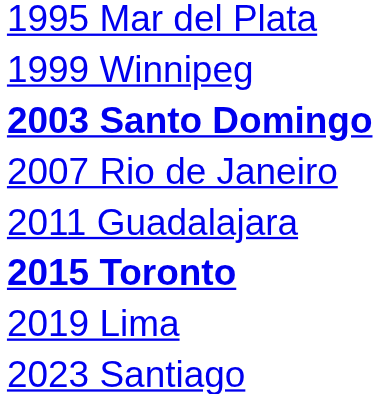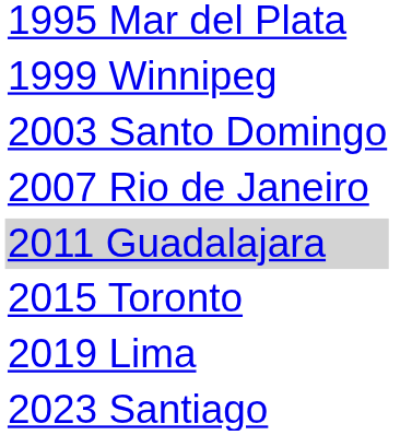 <table>
 <tr valign="top">
 <td><a href='#'>1995 Mar del Plata</a><br></td>
 <td></td>
 <td></td>
 <td></td>
 </tr>
 <tr valign="top">
 <td><a href='#'>1999 Winnipeg</a><br></td>
 <td></td>
 <td></td>
 <td></td>
 </tr>
 <tr valign="top">
-<td><strong><a href='#'>2003 Santo Domingo</a><br></strong></td>
+<td><a href='#'>2003 Santo Domingo</a><br></td>
 <td></td>
 <td></td>
 <td></td>
 </tr>
 <tr valign="top">
 <td><a href='#'>2007 Rio de Janeiro</a><br></td>
 <td></td>
 <td></td>
 <td></td>
 </tr>
 <tr valign="top">
-<td><a href='#'>2011 Guadalajara</a><br></td>
+<td style="background: lightgrey;"><a href='#'>2011 Guadalajara</a><br></td>
 <td></td>
 <td></td>
 <td></td>
 </tr>
 <tr valign="top">
-<td><strong><a href='#'>2015 Toronto</a><br></strong></td>
+<td><a href='#'>2015 Toronto</a><br></td>
 <td></td>
 <td></td>
 <td></td>
 </tr>
 <tr valign="top">
 <td><a href='#'>2019 Lima</a><br></td>
 <td></td>
 <td></td>
 <td></td>
 </tr>
 <tr valign="top">
 <td><a href='#'>2023 Santiago</a><br></td>
 <td></td>
 <td></td>
 <td></td>
 </tr>
 </table>
